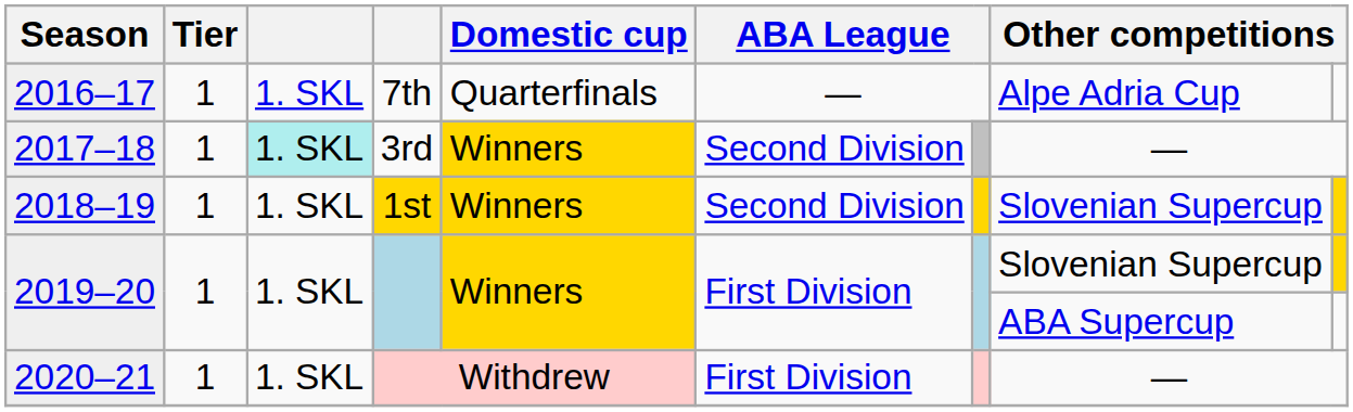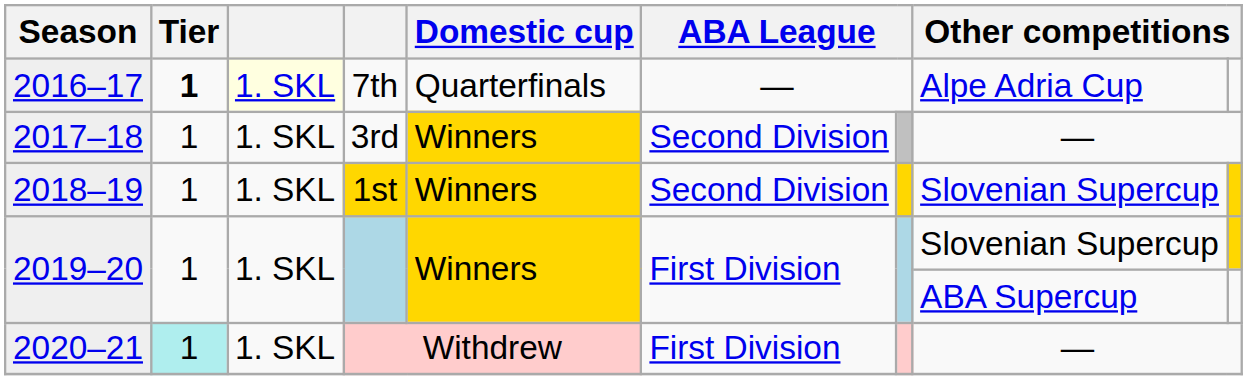 <table class="wikitable" style="font-size:90%">
 <tr>
 <th>Season</th>
 <th>Tier</th>
 <th></th>
 <th></th>
 <th><a href='#'>Domestic cup</a></th>
 <th colspan=2><a href='#'>ABA League</a></th>
 <th colspan=2>Other competitions</th>
 </tr>
 <tr>
 <td style="background:#EFEFEF;"><a href='#'>2016–17</a></td>
-<td align="center">1</td>
-<td><a href='#'>1. SKL</a></td>
+<td align="center"><strong>1</strong></td>
+<td style="background: lightyellow;"><a href='#'>1. SKL</a></td>
 <td align="center">7th</td>
 <td>Quarterfinals</td>
 <td colspan=2 align=center>—</td>
 <td><a href='#'>Alpe Adria Cup</a></td>
 <td align="center"></td>
 </tr>
 <tr>
 <td style="background:#EFEFEF;"><a href='#'>2017–18</a></td>
 <td align="center">1</td>
-<td style="background: paleturquoise;">1. SKL</td>
+<td>1. SKL</td>
 <td align="center">3rd</td>
 <td style="background:gold">Winners</td>
 <td><a href='#'>Second Division</a></td>
 <td style="background:silver;"></td>
 <td colspan=2 align=center>—</td>
 </tr>
 <tr>
 <td style="background:#EFEFEF;"><a href='#'>2018–19</a></td>
 <td align="center">1</td>
 <td>1. SKL</td>
 <td align="center" bgcolor=gold>1st</td>
 <td style="background:gold">Winners</td>
 <td><a href='#'>Second Division</a></td>
 <td style="background:gold"></td>
 <td><a href='#'>Slovenian Supercup</a></td>
 <td align="center" style="background:gold"></td>
 </tr>
 <tr>
 <td rowspan=2 style="background:#EFEFEF;"><a href='#'>2019–20</a></td>
 <td rowspan=2 align="center">1</td>
 <td rowspan=2>1. SKL</td>
 <td rowspan=2 align="center" bgcolor=lightblue></td>
 <td rowspan=2 style="background:gold">Winners</td>
 <td rowspan=2><a href='#'>First Division</a></td>
 <td rowspan=2 style="background:lightblue"></td>
 <td>Slovenian Supercup</td>
 <td align="center" style="background:gold"></td>
 </tr>
 <tr>
 <td><a href='#'>ABA Supercup</a></td>
 <td align="center"></td>
 </tr>
 <tr>
 <td style="background:#EFEFEF;"><a href='#'>2020–21</a></td>
-<td align="center">1</td>
+<td align="center" style="background: paleturquoise;">1</td>
 <td>1. SKL</td>
 <td colspan="2" style="background:#FFCCCC" align="center">Withdrew</td>
 <td><a href='#'>First Division</a></td>
 <td style="background:#FFCCCC"></td>
 <td colspan=2 align=center>—</td>
 </tr>
 <tr>
 </tr>
 </table>
